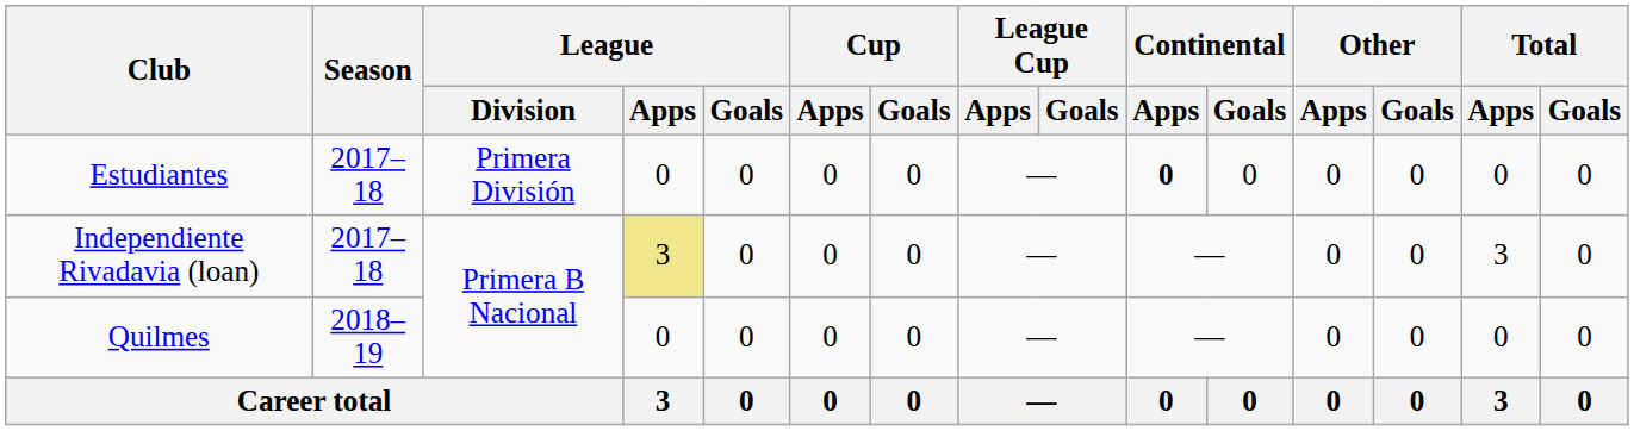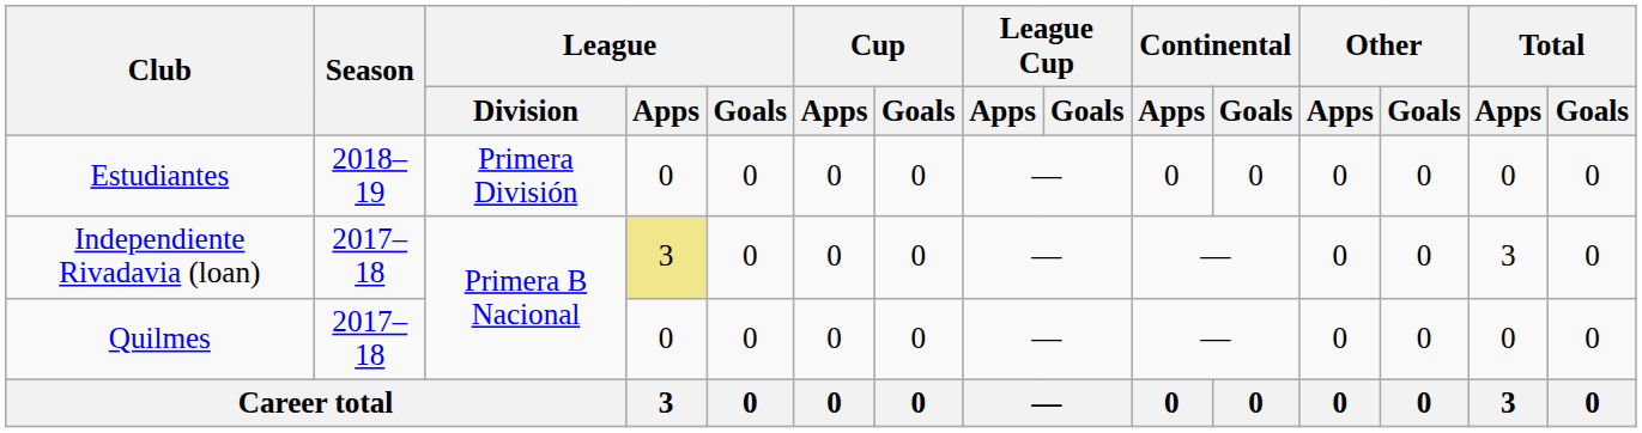 <table class="wikitable" style="text-align:center">
 <tr>
 <th rowspan="2">Club</th>
 <th rowspan="2">Season</th>
 <th colspan="3">League</th>
 <th colspan="2">Cup</th>
 <th colspan="2">League Cup</th>
 <th colspan="2">Continental</th>
 <th colspan="2">Other</th>
 <th colspan="2">Total</th>
 </tr>
 <tr>
 <th>Division</th>
 <th>Apps</th>
 <th>Goals</th>
 <th>Apps</th>
 <th>Goals</th>
 <th>Apps</th>
 <th>Goals</th>
 <th>Apps</th>
 <th>Goals</th>
 <th>Apps</th>
 <th>Goals</th>
 <th>Apps</th>
 <th>Goals</th>
 </tr>
 <tr>
 <td rowspan="1"><a href='#'>Estudiantes</a></td>
-<td><a href='#'>2017–18</a></td>
+<td><a href='#'>2018–19</a></td>
 <td rowspan="1"><a href='#'>Primera División</a></td>
 <td>0</td>
 <td>0</td>
 <td>0</td>
 <td>0</td>
 <td colspan="2">—</td>
-<td><strong>0</strong></td>
+<td>0</td>
 <td>0</td>
 <td>0</td>
 <td>0</td>
 <td>0</td>
 <td>0</td>
 </tr>
 <tr>
 <td rowspan="1"><a href='#'>Independiente Rivadavia</a> (loan)</td>
 <td><a href='#'>2017–18</a></td>
 <td rowspan="2"><a href='#'>Primera B Nacional</a></td>
 <td style="background: khaki;">3</td>
 <td>0</td>
 <td>0</td>
 <td>0</td>
 <td colspan="2">—</td>
 <td colspan="2">—</td>
 <td>0</td>
 <td>0</td>
 <td>3</td>
 <td>0</td>
 </tr>
 <tr>
 <td rowspan="1"><a href='#'>Quilmes</a></td>
-<td><a href='#'>2018–19</a></td>
+<td><a href='#'>2017–18</a></td>
 <td>0</td>
 <td>0</td>
 <td>0</td>
 <td>0</td>
 <td colspan="2">—</td>
 <td colspan="2">—</td>
 <td>0</td>
 <td>0</td>
 <td>0</td>
 <td>0</td>
 </tr>
 <tr>
 <th colspan="3">Career total</th>
 <th>3</th>
 <th>0</th>
 <th>0</th>
 <th>0</th>
 <th colspan="2">—</th>
 <th>0</th>
 <th>0</th>
 <th>0</th>
 <th>0</th>
 <th>3</th>
 <th>0</th>
 </tr>
 </table>
